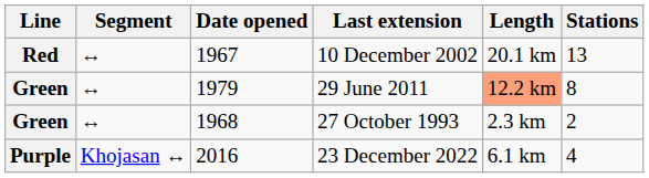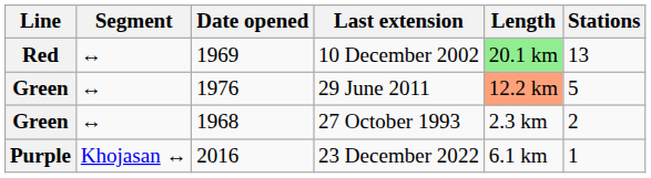 <table class=wikitable>
 <tr>
 <th>Line</th>
 <th>Segment</th>
 <th>Date opened</th>
 <th>Last extension</th>
 <th>Length</th>
 <th>Stations</th>
 </tr>
 <tr>
 <th style="background: #">Red</th>
 <td> ↔ </td>
-<td>1967</td>
+<td>1969</td>
 <td>10 December 2002</td>
-<td>20.1 km</td>
+<td style="background: lightgreen;">20.1 km</td>
 <td>13</td>
 </tr>
 <tr>
 <th style="background: #">Green</th>
 <td> ↔ </td>
-<td>1979</td>
+<td>1976</td>
 <td>29 June 2011</td>
 <td style="background: lightsalmon;">12.2 km</td>
-<td>8</td>
+<td>5</td>
 </tr>
 <tr>
 <th style="background: #">Green</th>
 <td> ↔ </td>
 <td>1968</td>
 <td>27 October 1993</td>
 <td>2.3 km</td>
 <td>2</td>
 </tr>
 <tr>
 <th style="background: #">Purple</th>
 <td><a href='#'>Khojasan</a> ↔ </td>
 <td>2016</td>
 <td>23 December 2022</td>
 <td>6.1 km</td>
-<td>4</td>
+<td>1</td>
 </tr>
 </table>
